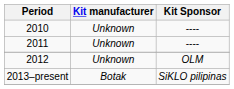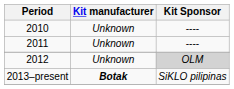 <table class="wikitable" style="text-align: center">
 <tr>
 <th>Period</th>
 <th><a href='#'>Kit</a> manufacturer</th>
 <th>Kit Sponsor</th>
 </tr>
 <tr>
 <td>2010</td>
 <td><em>Unknown</em></td>
 <td>----</td>
 </tr>
 <tr>
 <td>2011</td>
 <td><em>Unknown</em></td>
 <td>----</td>
 </tr>
 <tr>
 </tr>
 <tr>
 <td>2012</td>
 <td><em>Unknown</em></td>
-<td><em>OLM</em></td>
+<td style="background: lightgrey;"><em>OLM</em></td>
 </tr>
 <tr>
 <td>2013–present</td>
-<td><em>Botak</em></td>
+<td><strong><em>Botak</em></strong></td>
 <td><em>SiKLO pilipinas</em></td>
 </tr>
 <tr>
 </tr>
 </table>
